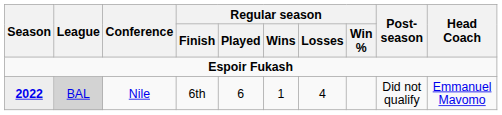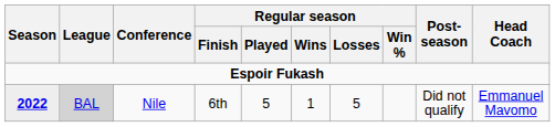 <table class="wikitable" style="font-size:95%; text-align:center">
 <tr>
 <th rowspan=2>Season</th>
 <th rowspan=2>League</th>
 <th rowspan=2>Conference</th>
 <th colspan=5>Regular season</th>
 <th rowspan=2>Post-season</th>
 <th rowspan=2>Head Coach</th>
 </tr>
 <tr>
 <th>Finish</th>
 <th>Played</th>
 <th>Wins</th>
 <th>Losses</th>
 <th>Win %</th>
 </tr>
 <tr>
 <td colspan="12" align="center"><strong>Espoir Fukash</strong></td>
 </tr>
 <tr>
 <th style="background:#eee;"><a href='#'>2022</a></th>
 <td style="background: lightgrey; text-align:center;"><a href='#'>BAL</a></td>
 <td style="text-align:center;"><a href='#'>Nile</a></td>
 <td style="text-align:center;">6th</td>
-<td style="text-align:center;">6</td>
+<td style="text-align:center;">5</td>
 <td style="text-align:center;">1</td>
-<td style="text-align:center;">4</td>
+<td style="text-align:center;">5</td>
 <td style="text-align:center;"></td>
 <td style="text-align:center;">Did not qualify</td>
 <td style="text-align:center;"><a href='#'>Emmanuel Mavomo</a></td>
 </tr>
 </table>
